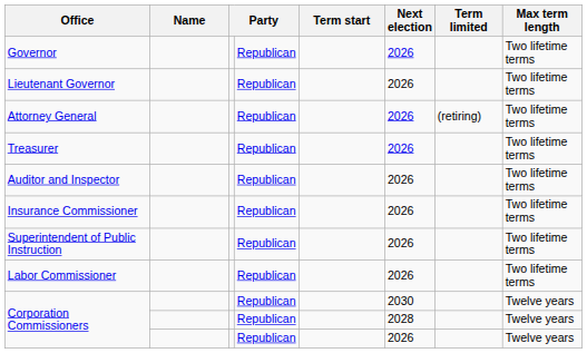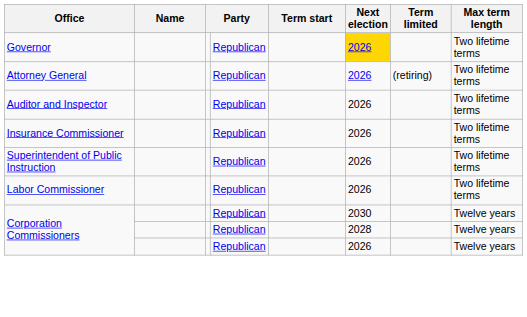 <table class="sortable wikitable">
 <tr>
 <th scope="col" width=190>Office</th>
 <th scope="col" width=100>Name</th>
 <th scope="col" width=75 colspan=2>Party</th>
 <th scope="col" width=110>Term start</th>
 <th scope="col" width=50>Next election</th>
 <th scope="col" width=85>Term limited</th>
 <th scope="col" width=100>Max term length</th>
 </tr>
 <tr>
 <td><a href='#'>Governor</a></td>
 <td></td>
 <td style="background-color:"></td>
 <td><a href='#'>Republican</a></td>
 <td></td>
-<td><a href='#'>2026</a></td>
-<td></td>
-<td>Two lifetime terms</td>
-</tr>
-<tr>
-<td><a href='#'>Lieutenant Governor</a></td>
-<td></td>
-<td style="background-color:"></td>
-<td><a href='#'>Republican</a></td>
-<td></td>
-<td>2026</td>
+<td style="background: gold;"><a href='#'>2026</a></td>
 <td></td>
 <td>Two lifetime terms</td>
 </tr>
 <tr>
 <td><a href='#'>Attorney General</a></td>
 <td></td>
 <td style="background-color:"></td>
 <td><a href='#'>Republican</a></td>
 <td></td>
 <td><a href='#'>2026</a></td>
 <td> (retiring)</td>
-<td>Two lifetime terms</td>
-</tr>
-<tr>
-<td><a href='#'>Treasurer</a></td>
-<td></td>
-<td style="background-color:"></td>
-<td><a href='#'>Republican</a></td>
-<td></td>
-<td><a href='#'>2026</a></td>
-<td></td>
 <td>Two lifetime terms</td>
 </tr>
 <tr>
 <td><a href='#'>Auditor and Inspector</a></td>
 <td></td>
 <td style="background-color:"></td>
 <td><a href='#'>Republican</a></td>
 <td></td>
 <td>2026</td>
 <td></td>
 <td>Two lifetime terms</td>
 </tr>
 <tr>
 <td><a href='#'>Insurance Commissioner</a></td>
 <td></td>
 <td style="background-color:"></td>
 <td><a href='#'>Republican</a></td>
 <td></td>
 <td>2026</td>
 <td></td>
 <td>Two lifetime terms</td>
 </tr>
 <tr>
 <td><a href='#'>Superintendent of Public Instruction</a></td>
 <td></td>
 <td style="background-color:"></td>
 <td><a href='#'>Republican</a></td>
 <td></td>
 <td>2026</td>
 <td></td>
 <td>Two lifetime terms</td>
 </tr>
 <tr>
 <td><a href='#'>Labor Commissioner</a></td>
 <td></td>
 <td style="background-color:"></td>
 <td><a href='#'>Republican</a></td>
 <td></td>
 <td>2026</td>
 <td></td>
 <td>Two lifetime terms</td>
 </tr>
 <tr>
 <td rowspan=3><a href='#'>Corporation Commissioners</a></td>
 <td></td>
 <td style="background-color:"></td>
 <td><a href='#'>Republican</a></td>
 <td></td>
 <td>2030</td>
 <td></td>
 <td>Twelve years</td>
 </tr>
 <tr>
 <td></td>
 <td style="background-color:"></td>
 <td><a href='#'>Republican</a></td>
 <td></td>
 <td>2028</td>
 <td></td>
 <td>Twelve years</td>
 </tr>
 <tr>
 <td></td>
 <td style="background-color:"></td>
 <td><a href='#'>Republican</a></td>
 <td></td>
 <td>2026</td>
 <td></td>
 <td>Twelve years</td>
 </tr>
 </table>
